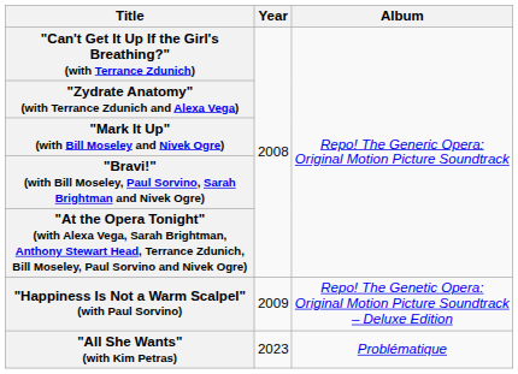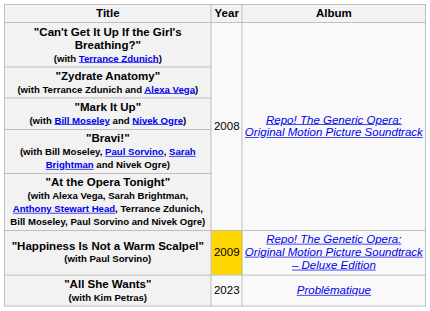 <table class="wikitable plainrowheaders" style="text-align:center;">
 <tr>
 <th scope="col" style="width:17.5em;">Title</th>
 <th scope="col">Year</th>
 <th scope="col">Album</th>
 </tr>
 <tr>
 <th scope="row">"Can't Get It Up If the Girl's Breathing?"<br><small>(with <a href='#'>Terrance Zdunich</a>)</small></th>
 <td rowspan="5">2008</td>
 <td rowspan="5"><em><a href='#'>Repo! The Generic Opera:<br>Original Motion Picture Soundtrack</a></em></td>
 </tr>
 <tr>
 <th scope="row">"Zydrate Anatomy"<br><small>(with Terrance Zdunich and <a href='#'>Alexa Vega</a>)</small></th>
 </tr>
 <tr>
 <th scope="row">"Mark It Up"<br><small>(with <a href='#'>Bill Moseley</a> and <a href='#'>Nivek Ogre</a>)</small></th>
 </tr>
 <tr>
 <th scope="row">"Bravi!"<br><small>(with Bill Moseley, <a href='#'>Paul Sorvino</a>, <a href='#'>Sarah Brightman</a> and Nivek Ogre)</small></th>
 </tr>
 <tr>
 <th scope="row">"At the Opera Tonight"<br><small>(with Alexa Vega, Sarah Brightman, <a href='#'>Anthony Stewart Head</a>, Terrance Zdunich, Bill Moseley, Paul Sorvino and Nivek Ogre)</small></th>
 </tr>
 <tr>
 <th scope="row">"Happiness Is Not a Warm Scalpel"<br><small>(with Paul Sorvino)</small></th>
-<td>2009</td>
+<td style="background: gold;">2009</td>
 <td><em><a href='#'>Repo! The Genetic Opera:<br>Original Motion Picture Soundtrack<br>– Deluxe Edition</a></em></td>
 </tr>
 <tr>
 <th scope="row">"All She Wants"<br><small>(with Kim Petras)</small></th>
 <td>2023</td>
 <td><em><a href='#'>Problématique</a></em></td>
 </tr>
 </table>
